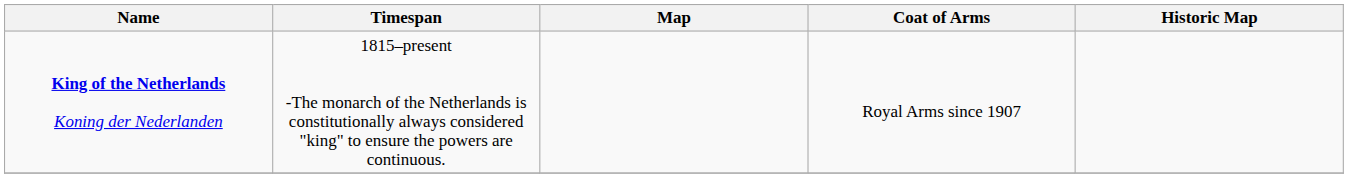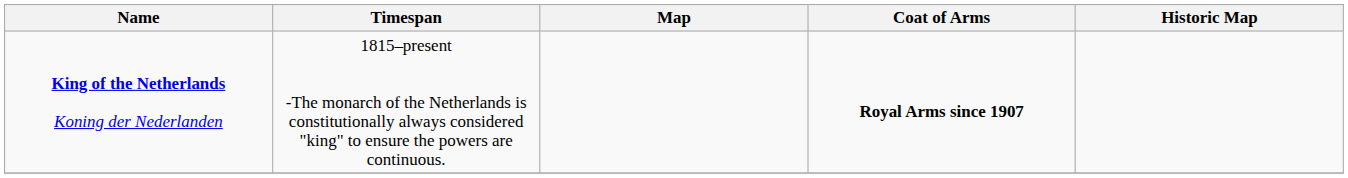 <table class="wikitable" style="text-align:center; width:100%">
 <tr>
 <th width=20%>Name</th>
 <th width=20%>Timespan</th>
 <th width=20%>Map</th>
 <th width=20%>Coat of Arms</th>
 <th width=20%>Historic Map</th>
 </tr>
 <tr>
 <td><strong><a href='#'>King of the Netherlands</a></strong><br><br><em><a href='#'>Koning der Nederlanden</a></em></td>
 <td>1815–present<br><br><br>-The monarch of the Netherlands is constitutionally always considered "king" to ensure the powers are continuous.</td>
 <td></td>
-<td><br> Royal Arms since 1907</td>
+<td><strong><br> Royal Arms since 1907</strong></td>
 <td></td>
 </tr>
 <tr>
 </tr>
 </table>
